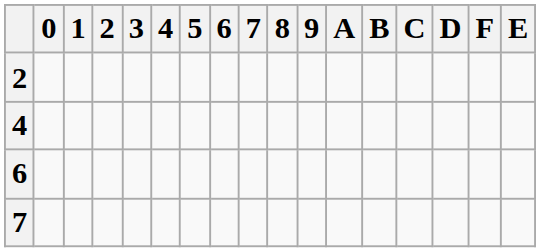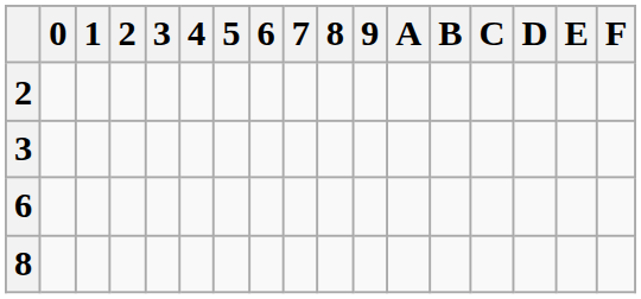 <table class="wikitable">
 <tr>
 <th></th>
 <th>0</th>
 <th>1</th>
 <th>2</th>
 <th>3</th>
 <th>4</th>
 <th>5</th>
 <th>6</th>
 <th>7</th>
 <th>8</th>
 <th>9</th>
 <th>A</th>
 <th>B</th>
 <th>C</th>
 <th>D</th>
+<th>E</th>
 <th>F</th>
-<th>E</th>
 </tr>
 <tr>
 <th>2</th>
 <td></td>
 <td></td>
 <td></td>
 <td></td>
 <td></td>
 <td></td>
 <td></td>
 <td></td>
 <td></td>
 <td></td>
 <td></td>
 <td></td>
 <td></td>
 <td></td>
 <td></td>
 <td></td>
 </tr>
 <tr>
-<th>4</th>
+<th>3</th>
 <td></td>
 <td></td>
 <td></td>
 <td></td>
 <td></td>
 <td></td>
 <td></td>
 <td></td>
 <td></td>
 <td></td>
 <td></td>
 <td></td>
 <td></td>
 <td></td>
 <td></td>
 <td></td>
 </tr>
 <tr>
 <th>6</th>
 <td></td>
 <td></td>
 <td></td>
 <td></td>
 <td></td>
 <td></td>
 <td></td>
 <td></td>
 <td></td>
 <td></td>
 <td></td>
 <td></td>
 <td></td>
 <td></td>
 <td></td>
 <td></td>
 </tr>
 <tr>
-<th>7</th>
+<th>8</th>
 <td></td>
 <td></td>
 <td></td>
 <td></td>
 <td></td>
 <td></td>
 <td></td>
 <td></td>
 <td></td>
 <td></td>
 <td></td>
 <td></td>
 <td></td>
 <td></td>
 <td></td>
 <td></td>
 </tr>
 </table>
